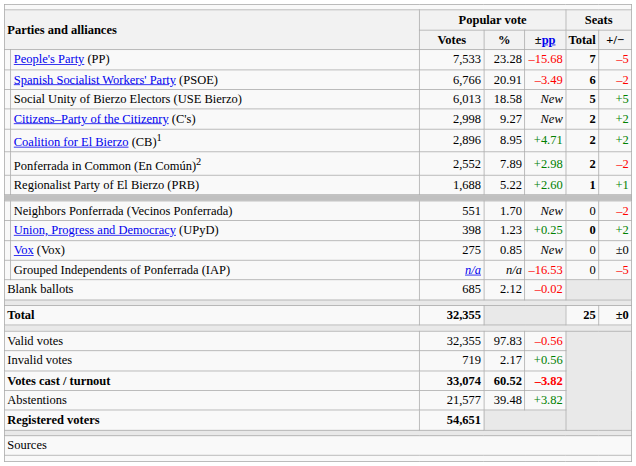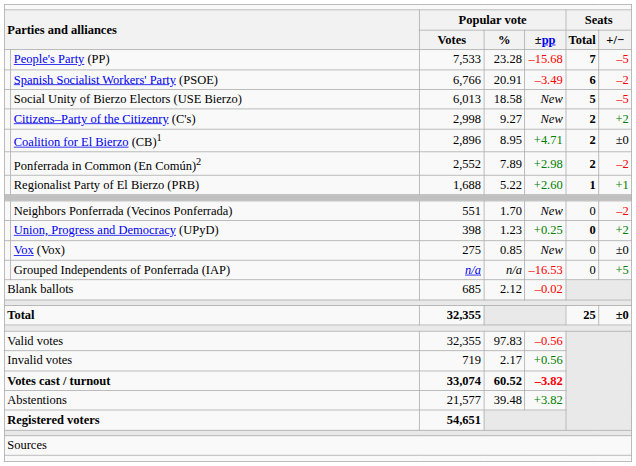 <table class="wikitable" style="text-align:right;">
 <tr>
 <td colspan="7"></td>
 </tr>
 <tr>
 <th style="text-align:left;" rowspan="2" colspan="2" width="525">Parties and alliances</th>
 <th colspan="3">Popular vote</th>
 <th colspan="2">Seats</th>
 </tr>
 <tr>
 <th width="75">Votes</th>
 <th width="45">%</th>
 <th width="45">±<a href='#'>pp</a></th>
 <th width="35">Total</th>
 <th width="35">+/−</th>
 </tr>
 <tr>
 <td width="1" style="color:inherit;background:"></td>
 <td align="left"><a href='#'>People's Party</a> (PP)</td>
 <td>7,533</td>
 <td>23.28</td>
 <td style="color:red;">–15.68</td>
 <td><strong>7</strong></td>
 <td style="color:red;">–5</td>
 </tr>
 <tr>
 <td style="color:inherit;background:"></td>
 <td align="left"><a href='#'>Spanish Socialist Workers' Party</a> (PSOE)</td>
 <td>6,766</td>
 <td>20.91</td>
 <td style="color:red;">–3.49</td>
 <td><strong>6</strong></td>
 <td style="color:red;">–2</td>
 </tr>
 <tr>
 <td style="color:inherit;background:"></td>
 <td align="left">Social Unity of Bierzo Electors (USE Bierzo)</td>
 <td>6,013</td>
 <td>18.58</td>
 <td><em>New</em></td>
 <td><strong>5</strong></td>
-<td style="color:green;">+5</td>
+<td style="color:red;">–5</td>
 </tr>
 <tr>
 <td style="color:inherit;background:"></td>
 <td align="left"><a href='#'>Citizens–Party of the Citizenry</a> (C's)</td>
 <td>2,998</td>
 <td>9.27</td>
 <td><em>New</em></td>
 <td><strong>2</strong></td>
 <td style="color:green;">+2</td>
 </tr>
 <tr>
 <td style="color:inherit;background:"></td>
 <td align="left"><a href='#'>Coalition for El Bierzo</a> (CB)<sup>1</sup></td>
 <td>2,896</td>
 <td>8.95</td>
 <td style="color:green;">+4.71</td>
 <td><strong>2</strong></td>
-<td style="color:green;">+2</td>
+<td>±0</td>
 </tr>
 <tr>
 <td style="color:inherit;background:"></td>
 <td align="left">Ponferrada in Common (En Común)<sup>2</sup></td>
 <td>2,552</td>
 <td>7.89</td>
 <td style="color:green;">+2.98</td>
 <td><strong>2</strong></td>
 <td style="color:red;">–2</td>
 </tr>
 <tr>
 <td style="color:inherit;background:"></td>
 <td align="left">Regionalist Party of El Bierzo (PRB)</td>
 <td>1,688</td>
 <td>5.22</td>
 <td style="color:green;">+2.60</td>
 <td><strong>1</strong></td>
 <td style="color:green;">+1</td>
 </tr>
 <tr>
 <td colspan="7" bgcolor="#C0C0C0"></td>
 </tr>
 <tr>
 <td style="color:inherit;background:"></td>
 <td align="left">Neighbors Ponferrada (Vecinos Ponferrada)</td>
 <td>551</td>
 <td>1.70</td>
 <td><em>New</em></td>
 <td>0</td>
 <td style="color:red;">–2</td>
 </tr>
 <tr>
 <td style="color:inherit;background:"></td>
 <td align="left"><a href='#'>Union, Progress and Democracy</a> (UPyD)</td>
 <td>398</td>
 <td>1.23</td>
 <td style="color:green;">+0.25</td>
 <td><strong>0</strong></td>
 <td style="color:green;">+2</td>
 </tr>
 <tr>
 <td style="color:inherit;background:"></td>
 <td align="left"><a href='#'>Vox</a> (Vox)</td>
 <td>275</td>
 <td>0.85</td>
 <td><em>New</em></td>
 <td>0</td>
 <td>±0</td>
 </tr>
 <tr>
 <td style="color:inherit;background:"></td>
 <td align="left">Grouped Independents of Ponferrada (IAP)</td>
 <td><em><a href='#'>n/a</a></em></td>
 <td><em>n/a</em></td>
 <td style="color:red;">–16.53</td>
 <td>0</td>
-<td style="color:red;">–5</td>
+<td style="color:green;">+5</td>
 </tr>
 <tr>
 <td align="left" colspan="2">Blank ballots</td>
 <td>685</td>
 <td>2.12</td>
 <td style="color:red;">–0.02</td>
 <td bgcolor="#E9E9E9" colspan="2"></td>
 </tr>
 <tr>
 <td colspan="7" bgcolor="#E9E9E9"></td>
 </tr>
 <tr style="font-weight:bold;">
 <td align="left" colspan="2">Total</td>
 <td>32,355</td>
 <td bgcolor="#E9E9E9" colspan="2"></td>
 <td>25</td>
 <td>±0</td>
 </tr>
 <tr>
 <td colspan="7" bgcolor="#E9E9E9"></td>
 </tr>
 <tr>
 <td align="left" colspan="2">Valid votes</td>
 <td>32,355</td>
 <td>97.83</td>
 <td style="color:red;">–0.56</td>
 <td bgcolor="#E9E9E9" colspan="2" rowspan="5"></td>
 </tr>
 <tr>
 <td align="left" colspan="2">Invalid votes</td>
 <td>719</td>
 <td>2.17</td>
 <td style="color:green;">+0.56</td>
 </tr>
 <tr style="font-weight:bold;">
 <td align="left" colspan="2">Votes cast / turnout</td>
 <td>33,074</td>
 <td>60.52</td>
 <td style="color:red;">–3.82</td>
 </tr>
 <tr>
 <td align="left" colspan="2">Abstentions</td>
 <td>21,577</td>
 <td>39.48</td>
 <td style="color:green;">+3.82</td>
 </tr>
 <tr style="font-weight:bold;">
 <td align="left" colspan="2">Registered voters</td>
 <td>54,651</td>
 <td bgcolor="#E9E9E9" colspan="2"></td>
 </tr>
 <tr>
 <td colspan="7" bgcolor="#E9E9E9"></td>
 </tr>
 <tr>
 <td align="left" colspan="7">Sources</td>
 </tr>
 <tr>
 <td colspan="7" style="text-align:left; max-width:790px;"></td>
 </tr>
 </table>
